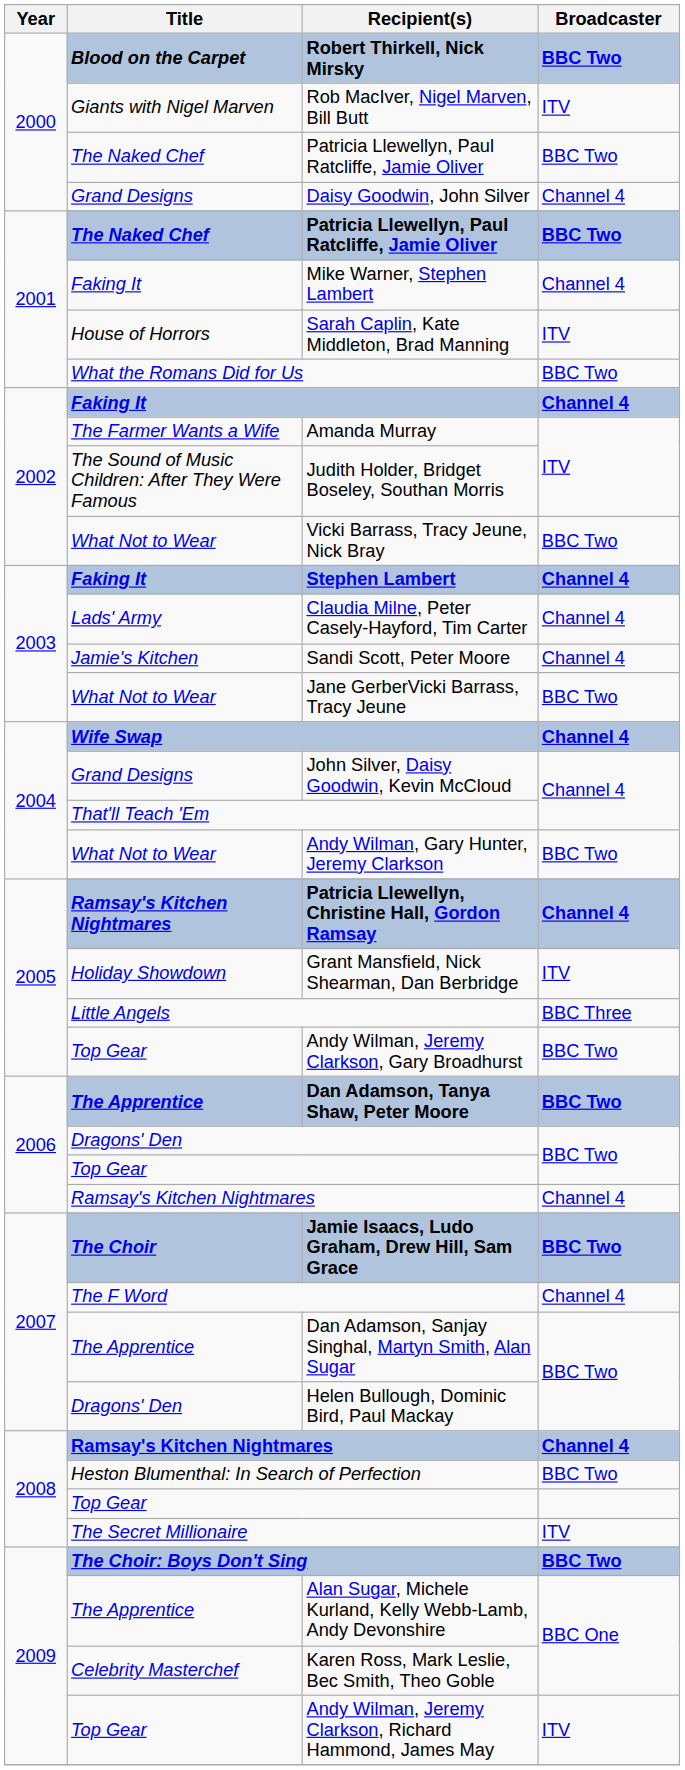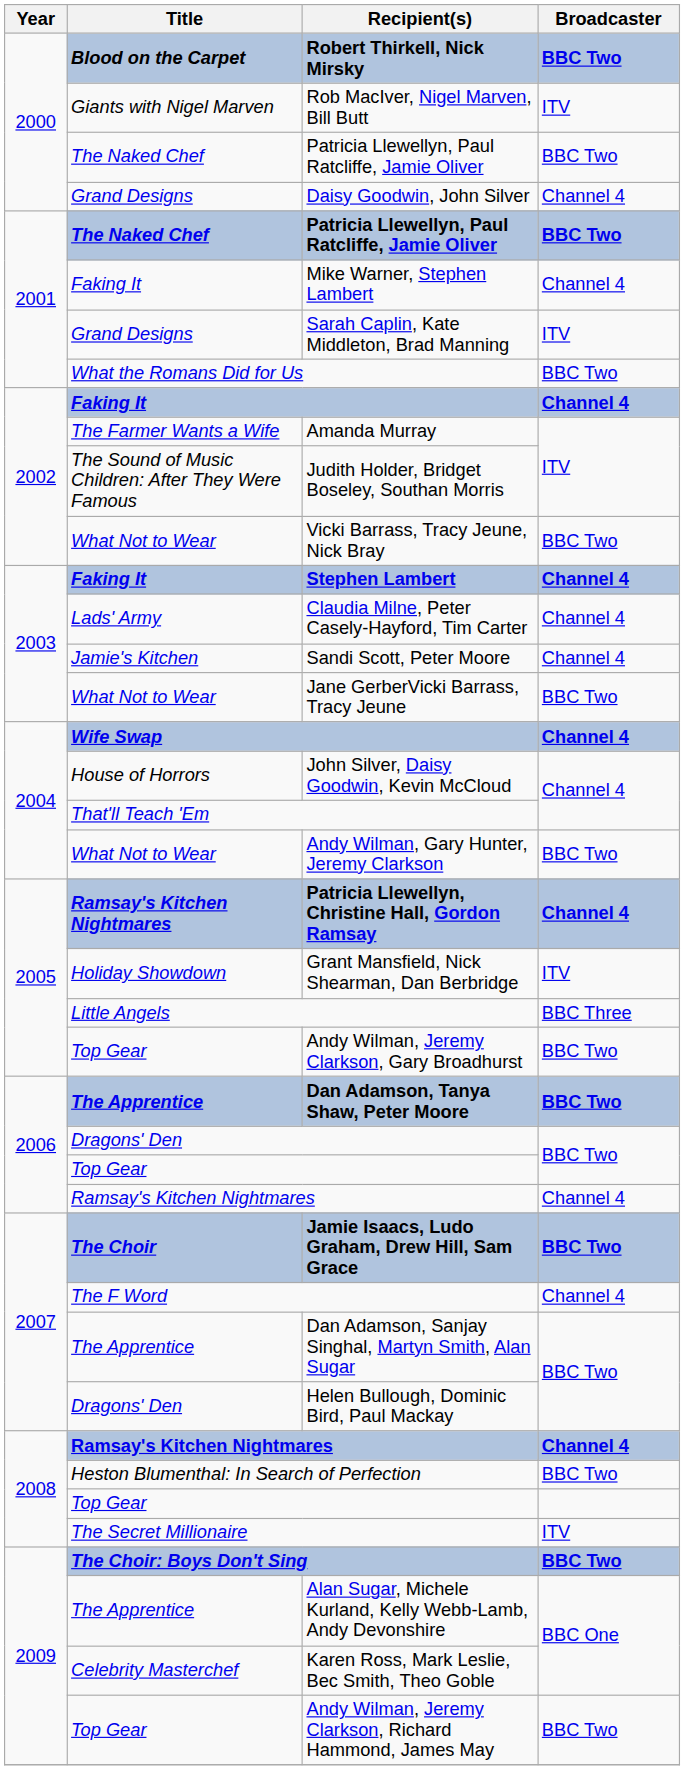 <table class="wikitable" width="95%">
 <tr>
 <th width=5%>Year</th>
 <th width=25%>Title</th>
 <th width=25%><strong>Recipient(s)</strong></th>
 <th width=10%><strong>Broadcaster</strong></th>
 </tr>
 <tr>
 <td rowspan="4" style="text-align:center;"><a href='#'>2000</a></td>
 <td style="background:#B0C4DE;"><strong><em>Blood on the Carpet</em></strong></td>
 <td style="background:#B0C4DE;"><strong>Robert Thirkell, Nick Mirsky</strong></td>
 <td style="background:#B0C4DE;"><strong><a href='#'>BBC Two</a></strong></td>
 </tr>
 <tr>
 <td><em>Giants with Nigel Marven</em></td>
 <td>Rob MacIver, <a href='#'>Nigel Marven</a>, Bill Butt</td>
 <td><a href='#'>ITV</a></td>
 </tr>
 <tr>
 <td><em><a href='#'>The Naked Chef</a></em></td>
 <td>Patricia Llewellyn, Paul Ratcliffe, <a href='#'>Jamie Oliver</a></td>
 <td><a href='#'>BBC Two</a></td>
 </tr>
 <tr>
 <td><em><a href='#'>Grand Designs</a></em></td>
 <td><a href='#'>Daisy Goodwin</a>, John Silver</td>
 <td><a href='#'>Channel 4</a></td>
 </tr>
 <tr>
 <td rowspan="4" style="text-align:center;"><a href='#'>2001</a></td>
 <td style="background:#B0C4DE;"><strong><em><a href='#'>The Naked Chef</a></em></strong></td>
 <td style="background:#B0C4DE;"><strong>Patricia Llewellyn, Paul Ratcliffe, <a href='#'>Jamie Oliver</a></strong></td>
 <td style="background:#B0C4DE;"><strong><a href='#'>BBC Two</a></strong></td>
 </tr>
 <tr>
 <td><em><a href='#'>Faking It</a></em></td>
 <td>Mike Warner, <a href='#'>Stephen Lambert</a></td>
 <td><a href='#'>Channel 4</a></td>
 </tr>
 <tr>
-<td><em>House of Horrors</em></td>
+<td><em><a href='#'>Grand Designs</a></em></td>
 <td><a href='#'>Sarah Caplin</a>, Kate Middleton, Brad Manning</td>
 <td><a href='#'>ITV</a></td>
 </tr>
 <tr>
 <td colspan="2"><em><a href='#'>What the Romans Did for Us</a></em></td>
 <td><a href='#'>BBC Two</a></td>
 </tr>
 <tr>
 <td rowspan="4" style="text-align:center;"><a href='#'>2002</a></td>
 <td colspan="2" style="background:#B0C4DE;"><strong><em><a href='#'>Faking It</a></em></strong></td>
 <td style="background:#B0C4DE;"><strong><a href='#'>Channel 4</a></strong></td>
 </tr>
 <tr>
 <td><em><a href='#'>The Farmer Wants a Wife</a></em></td>
 <td>Amanda Murray</td>
 <td rowspan="2"><a href='#'>ITV</a></td>
 </tr>
 <tr>
 <td><em>The Sound of Music Children: After They Were Famous</em></td>
 <td>Judith Holder, Bridget Boseley, Southan Morris</td>
 </tr>
 <tr>
 <td><em><a href='#'>What Not to Wear</a></em></td>
 <td>Vicki Barrass, Tracy Jeune, Nick Bray</td>
 <td><a href='#'>BBC Two</a></td>
 </tr>
 <tr>
 <td rowspan="4" style="text-align:center;"><a href='#'>2003</a></td>
 <td style="background:#B0C4DE;"><strong><em><a href='#'>Faking It</a></em></strong></td>
 <td style="background:#B0C4DE;"><strong><a href='#'>Stephen Lambert</a></strong></td>
 <td style="background:#B0C4DE;"><strong><a href='#'>Channel 4</a></strong></td>
 </tr>
 <tr>
 <td><em><a href='#'>Lads' Army</a></em></td>
 <td><a href='#'>Claudia Milne</a>, Peter Casely-Hayford, Tim Carter</td>
 <td><a href='#'>Channel 4</a></td>
 </tr>
 <tr>
 <td><em><a href='#'>Jamie's Kitchen</a></em></td>
 <td>Sandi Scott, Peter Moore</td>
 <td><a href='#'>Channel 4</a></td>
 </tr>
 <tr>
 <td><em><a href='#'>What Not to Wear</a></em></td>
 <td>Jane GerberVicki Barrass, Tracy Jeune</td>
 <td><a href='#'>BBC Two</a></td>
 </tr>
 <tr>
 <td rowspan="4" style="text-align:center;"><a href='#'>2004</a></td>
 <td colspan="2" style="background:#B0C4DE;"><strong><em><a href='#'>Wife Swap</a></em></strong></td>
 <td style="background:#B0C4DE;"><strong><a href='#'>Channel 4</a></strong></td>
 </tr>
 <tr>
-<td><em><a href='#'>Grand Designs</a></em></td>
+<td><em>House of Horrors</em></td>
 <td>John Silver, <a href='#'>Daisy Goodwin</a>, Kevin McCloud</td>
 <td rowspan="2"><a href='#'>Channel 4</a></td>
 </tr>
 <tr>
 <td colspan="2"><em><a href='#'>That'll Teach 'Em</a></em></td>
 </tr>
 <tr>
 <td><em><a href='#'>What Not to Wear</a></em></td>
 <td><a href='#'>Andy Wilman</a>, Gary Hunter, <a href='#'>Jeremy Clarkson</a></td>
 <td><a href='#'>BBC Two</a></td>
 </tr>
 <tr>
 <td rowspan="4" style="text-align:center;"><a href='#'>2005</a></td>
 <td style="background:#B0C4DE;"><strong><em><a href='#'>Ramsay's Kitchen Nightmares</a></em></strong></td>
 <td style="background:#B0C4DE;"><strong>Patricia Llewellyn, Christine Hall, <a href='#'>Gordon Ramsay</a></strong></td>
 <td style="background:#B0C4DE;"><strong><a href='#'>Channel 4</a></strong></td>
 </tr>
 <tr>
 <td><em><a href='#'>Holiday Showdown</a></em></td>
 <td>Grant Mansfield, Nick Shearman, Dan Berbridge</td>
 <td><a href='#'>ITV</a></td>
 </tr>
 <tr>
 <td colspan="2"><em><a href='#'>Little Angels</a></em></td>
 <td><a href='#'>BBC Three</a></td>
 </tr>
 <tr>
 <td><em><a href='#'>Top Gear</a></em></td>
 <td>Andy Wilman, <a href='#'>Jeremy Clarkson</a>, Gary Broadhurst</td>
 <td><a href='#'>BBC Two</a></td>
 </tr>
 <tr>
 <td rowspan="4" style="text-align:center;"><a href='#'>2006</a></td>
 <td style="background:#B0C4DE;"><strong><em><a href='#'>The Apprentice</a></em></strong></td>
 <td style="background:#B0C4DE;"><strong>Dan Adamson, Tanya Shaw, Peter Moore</strong></td>
 <td style="background:#B0C4DE;"><strong><a href='#'>BBC Two</a></strong></td>
 </tr>
 <tr>
 <td colspan="2"><em><a href='#'>Dragons' Den</a></em></td>
 <td rowspan="2"><a href='#'>BBC Two</a></td>
 </tr>
 <tr>
 <td colspan="2"><em><a href='#'>Top Gear</a></em></td>
 </tr>
 <tr>
 <td colspan="2"><em><a href='#'>Ramsay's Kitchen Nightmares</a></em></td>
 <td><a href='#'>Channel 4</a></td>
 </tr>
 <tr>
 <td rowspan="4" style="text-align:center;"><a href='#'>2007</a></td>
 <td style="background:#B0C4DE;"><strong><em><a href='#'>The Choir</a></em></strong></td>
 <td style="background:#B0C4DE;"><strong>Jamie Isaacs, Ludo Graham, Drew Hill, Sam Grace</strong></td>
 <td style="background:#B0C4DE;"><strong><a href='#'>BBC Two</a></strong></td>
 </tr>
 <tr>
 <td colspan="2"><em><a href='#'>The F Word</a></em></td>
 <td><a href='#'>Channel 4</a></td>
 </tr>
 <tr>
 <td><em><a href='#'>The Apprentice</a></em></td>
 <td>Dan Adamson, Sanjay Singhal, <a href='#'>Martyn Smith</a>, <a href='#'>Alan Sugar</a></td>
 <td rowspan="2"><a href='#'>BBC Two</a></td>
 </tr>
 <tr>
 <td><em><a href='#'>Dragons' Den</a></em></td>
 <td>Helen Bullough, Dominic Bird, Paul Mackay</td>
 </tr>
 <tr>
 <td rowspan="4" style="text-align:center;"><a href='#'>2008</a></td>
 <td colspan="2" style="background:#B0C4DE;"><strong><a href='#'>Ramsay's Kitchen Nightmares</a></strong></td>
 <td style="background:#B0C4DE;"><strong><a href='#'>Channel 4</a></strong></td>
 </tr>
 <tr>
 <td colspan="2"><em>Heston Blumenthal: In Search of Perfection</em></td>
 <td colspan="2"><a href='#'>BBC Two</a></td>
 </tr>
 <tr>
 <td colspan="2"><em><a href='#'>Top Gear</a></em></td>
 </tr>
 <tr>
 <td colspan="2"><em><a href='#'>The Secret Millionaire</a></em></td>
 <td><a href='#'>ITV</a></td>
 </tr>
 <tr>
 <td rowspan="4" style="text-align:center;"><a href='#'>2009</a></td>
 <td colspan="2" style="background:#B0C4DE;"><strong><em><a href='#'>The Choir: Boys Don't Sing</a></em></strong></td>
 <td style="background:#B0C4DE;"><strong><a href='#'>BBC Two</a></strong></td>
 </tr>
 <tr>
 <td><em><a href='#'>The Apprentice</a></em></td>
 <td><a href='#'>Alan Sugar</a>, Michele Kurland, Kelly Webb-Lamb, Andy Devonshire</td>
 <td rowspan="2"><a href='#'>BBC One</a></td>
 </tr>
 <tr>
 <td><em><a href='#'>Celebrity Masterchef</a></em></td>
 <td>Karen Ross, Mark Leslie, Bec Smith, Theo Goble</td>
 </tr>
 <tr>
 <td><em><a href='#'>Top Gear</a></em></td>
 <td><a href='#'>Andy Wilman</a>, <a href='#'>Jeremy Clarkson</a>, Richard Hammond, James May</td>
-<td><a href='#'>ITV</a></td>
+<td><a href='#'>BBC Two</a></td>
 </tr>
 <tr>
 </tr>
 </table>
